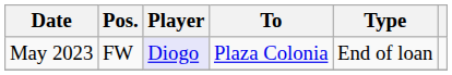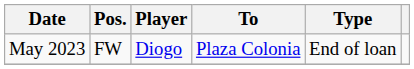 <table class="wikitable">
 <tr>
 <th>Date</th>
 <th>Pos.</th>
 <th>Player</th>
 <th>To</th>
 <th>Type</th>
 <th></th>
 </tr>
 <tr>
 <td>May 2023</td>
 <td>FW</td>
-<td style="background: lavender;"> <a href='#'>Diogo</a></td>
+<td> <a href='#'>Diogo</a></td>
 <td> <a href='#'>Plaza Colonia</a></td>
 <td>End of loan</td>
 <td></td>
 </tr>
 <tr>
 </tr>
 </table>
